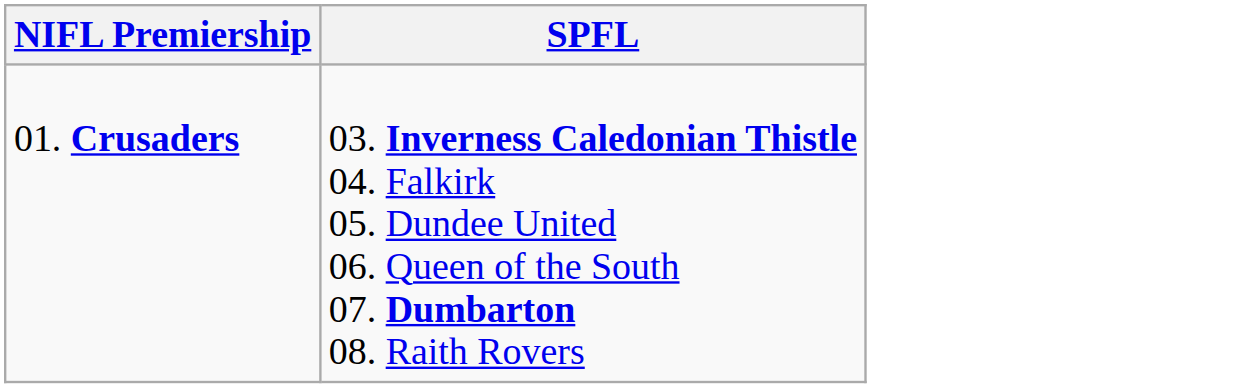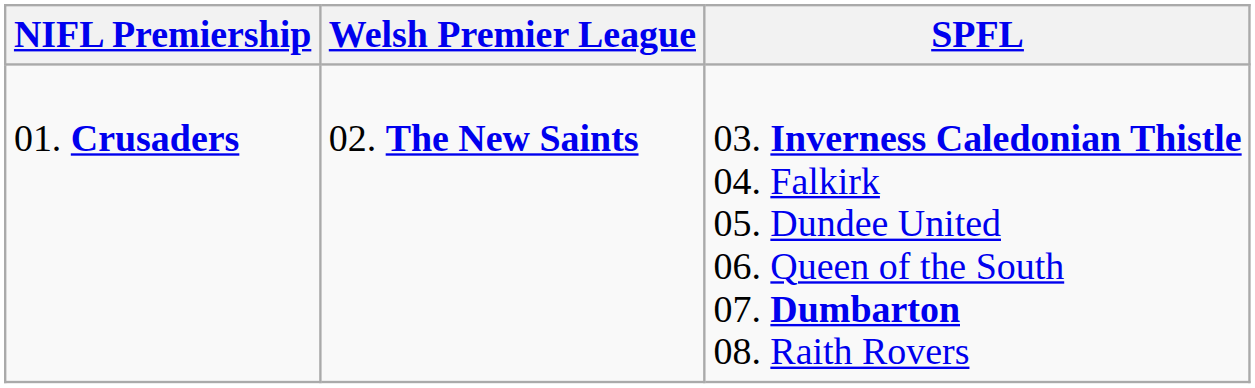 <table class="wikitable">
 <tr>
 <th> <a href='#'>NIFL Premiership</a></th>
+<th> <a href='#'>Welsh Premier League</a></th>
 <th> <a href='#'>SPFL</a></th>
 </tr>
 <tr>
 <td valign=top><br>01. <strong><a href='#'>Crusaders</a></strong></td>
+<td valign=top><br>02. <strong><a href='#'>The New Saints</a></strong></td>
 <td valign=top><br>03. <strong><a href='#'>Inverness Caledonian Thistle</a></strong><br> 04. <a href='#'>Falkirk</a><br> 05. <a href='#'>Dundee United</a><br> 06. <a href='#'>Queen of the South</a><br> 07. <strong><a href='#'>Dumbarton</a></strong><br> 08. <a href='#'>Raith Rovers</a></td>
 </tr>
 </table>
